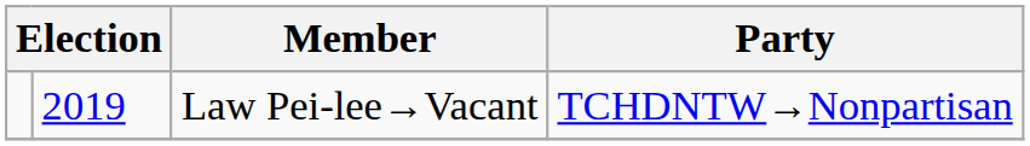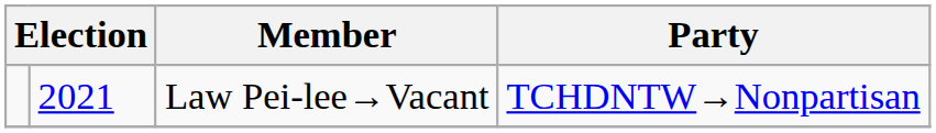 <table class="wikitable">
 <tr>
 <th colspan="2">Election</th>
 <th>Member</th>
 <th>Party</th>
 </tr>
 <tr>
 <td style="color:inherit;background:"></td>
-<td><a href='#'>2019</a></td>
+<td><a href='#'>2021</a></td>
 <td>Law Pei-lee→Vacant</td>
 <td><a href='#'>TCHDNTW</a>→<a href='#'>Nonpartisan</a></td>
 </tr>
 <tr>
 </tr>
 </table>
